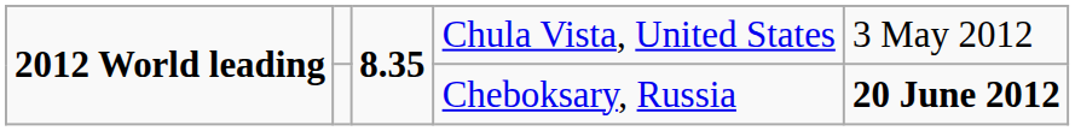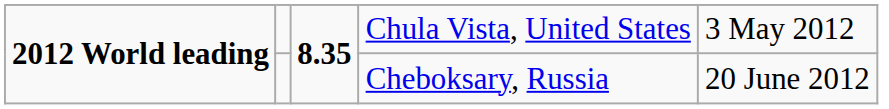 <table class="wikitable">
 <tr>
 <td rowspan=2><strong>2012 World leading</strong></td>
 <td></td>
 <td rowspan=2><strong>8.35</strong></td>
 <td><a href='#'>Chula Vista</a>, <a href='#'>United States</a></td>
 <td>3 May 2012</td>
 </tr>
 <tr>
 <td></td>
 <td><a href='#'>Cheboksary</a>, <a href='#'>Russia</a></td>
-<td><strong>20 June 2012</strong></td>
+<td>20 June 2012</td>
 </tr>
 </table>
